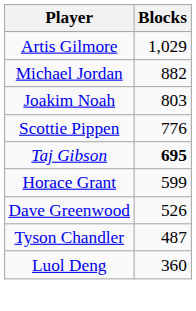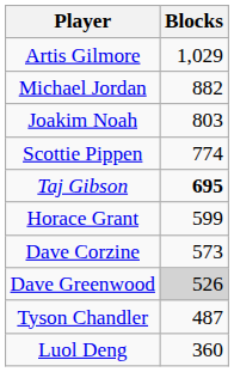 <table class="wikitable sortable">
 <tr>
 <th scope="col">Player</th>
 <th scope="col">Blocks</th>
 </tr>
 <tr>
 <td style="text-align:center"><a href='#'>Artis Gilmore</a></td>
 <td style="text-align:right">1,029</td>
 </tr>
 <tr>
 <td style="text-align:center"><a href='#'>Michael Jordan</a></td>
 <td style="text-align:right">882</td>
 </tr>
 <tr>
 <td style="text-align:center"><a href='#'>Joakim Noah</a></td>
 <td style="text-align:right">803</td>
 </tr>
 <tr>
 <td style="text-align:center"><a href='#'>Scottie Pippen</a></td>
-<td style="text-align:right">776</td>
+<td style="text-align:right">774</td>
 </tr>
 <tr>
 <td style="text-align:center"><em><a href='#'>Taj Gibson</a></em></td>
 <td style="text-align:right"><strong>695</strong></td>
 </tr>
 <tr>
 <td style="text-align:center"><a href='#'>Horace Grant</a></td>
 <td style="text-align:right">599</td>
 </tr>
 <tr>
+<td style="text-align:center"><a href='#'>Dave Corzine</a></td>
+<td style="text-align:right">573</td>
+</tr>
+<tr>
 <td style="text-align:center"><a href='#'>Dave Greenwood</a></td>
-<td style="text-align:right">526</td>
+<td style="background: lightgrey; text-align:right">526</td>
 </tr>
 <tr>
 <td style="text-align:center"><a href='#'>Tyson Chandler</a></td>
 <td style="text-align:right">487</td>
 </tr>
 <tr>
 <td style="text-align:center"><a href='#'>Luol Deng</a></td>
 <td style="text-align:right">360</td>
 </tr>
 </table>
